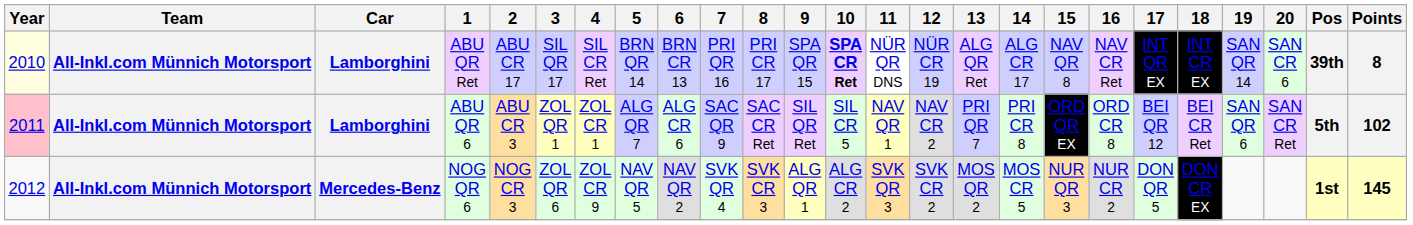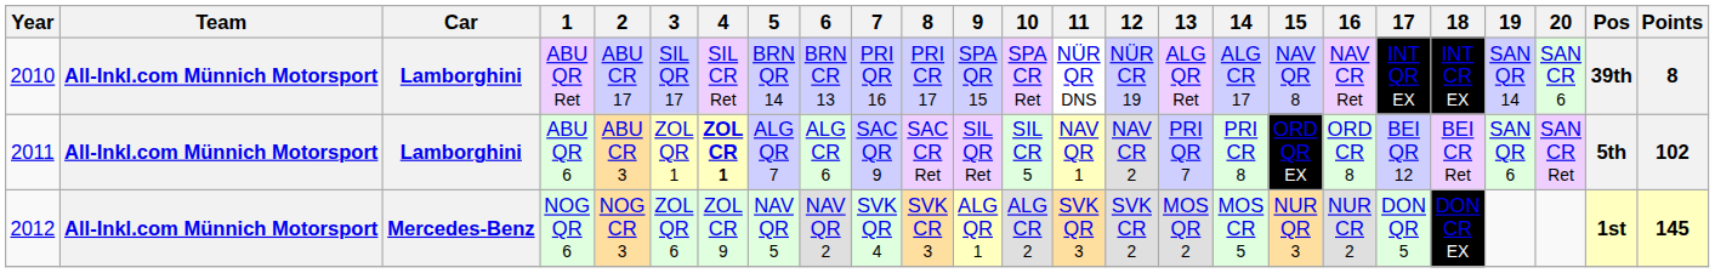 <table class="wikitable" border="1" style="text-align:center; font-size:90%;">
 <tr>
 <th>Year</th>
 <th>Team</th>
 <th>Car</th>
 <th>1</th>
 <th>2</th>
 <th>3</th>
 <th>4</th>
 <th>5</th>
 <th>6</th>
 <th>7</th>
 <th>8</th>
 <th>9</th>
 <th>10</th>
 <th>11</th>
 <th>12</th>
 <th>13</th>
 <th>14</th>
 <th>15</th>
 <th>16</th>
 <th>17</th>
 <th>18</th>
 <th>19</th>
 <th>20</th>
 <th>Pos</th>
 <th>Points</th>
 </tr>
 <tr>
-<td style="background: lightyellow;"><a href='#'>2010</a></td>
+<td><a href='#'>2010</a></td>
 <th><a href='#'>All-Inkl.com Münnich Motorsport</a></th>
 <th><a href='#'>Lamborghini</a></th>
 <td style="background:#EFCFFF;"><a href='#'>ABU<br>QR</a><br><small>Ret<br></small></td>
 <td style="background:#CFCFFF;"><a href='#'>ABU<br>CR</a><br><small>17<br></small></td>
 <td style="background:#CFCFFF;"><a href='#'>SIL<br>QR</a><br><small>17<br></small></td>
 <td style="background:#EFCFFF;"><a href='#'>SIL<br>CR</a><br><small>Ret<br></small></td>
 <td style="background:#CFCFFF;"><a href='#'>BRN<br>QR</a><br><small>14<br></small></td>
 <td style="background:#CFCFFF;"><a href='#'>BRN<br>CR</a><br><small>13<br></small></td>
 <td style="background:#CFCFFF;"><a href='#'>PRI<br>QR</a><br><small>16<br></small></td>
 <td style="background:#CFCFFF;"><a href='#'>PRI<br>CR</a><br><small>17<br></small></td>
 <td style="background:#CFCFFF;"><a href='#'>SPA<br>QR</a><br><small>15<br></small></td>
-<td style="background:#EFCFFF;"><strong><a href='#'>SPA<br>CR</a><br><small>Ret<br></small></strong></td>
+<td style="background:#EFCFFF;"><a href='#'>SPA<br>CR</a><br><small>Ret<br></small></td>
 <td style="background:#FFFFFF;"><a href='#'>NÜR<br>QR</a><br><small>DNS<br></small></td>
 <td style="background:#CFCFFF;"><a href='#'>NÜR<br>CR</a><br><small>19<br></small></td>
 <td style="background:#EFCFFF;"><a href='#'>ALG<br>QR</a><br><small>Ret<br></small></td>
 <td style="background:#CFCFFF;"><a href='#'>ALG<br>CR</a><br><small>17<br></small></td>
 <td style="background:#CFCFFF;"><a href='#'>NAV<br>QR</a><br><small>8<br></small></td>
 <td style="background:#EFCFFF;"><a href='#'>NAV<br>CR</a><br><small>Ret<br></small></td>
 <td style="background:#000000; color:white"><a href='#'><span>INT<br>QR</span></a><br><small>EX<br></small></td>
 <td style="background:#000000; color:white"><a href='#'><span>INT<br>CR</span></a><br><small>EX<br></small></td>
 <td style="background:#CFCFFF;"><a href='#'>SAN<br>QR</a><br><small>14<br></small></td>
 <td style="background:#DFFFDF;"><a href='#'>SAN<br>CR</a><br><small>6<br></small></td>
 <th>39th</th>
 <th>8</th>
 </tr>
 <tr>
-<td style="background: pink;"><a href='#'>2011</a></td>
+<td><a href='#'>2011</a></td>
 <th><a href='#'>All-Inkl.com Münnich Motorsport</a></th>
 <th><a href='#'>Lamborghini</a></th>
 <td style="background:#DFFFDF;"><a href='#'>ABU<br>QR</a><br><small>6<br></small></td>
 <td style="background:#FFDF9F;"><a href='#'>ABU<br>CR</a><br><small>3<br></small></td>
 <td style="background:#FFFFBF;"><a href='#'>ZOL<br>QR</a><br><small>1<br></small></td>
-<td style="background:#FFFFBF;"><a href='#'>ZOL<br>CR</a><br><small>1<br></small></td>
+<td style="background:#FFFFBF;"><strong><a href='#'>ZOL<br>CR</a><br><small>1<br></small></strong></td>
 <td style="background:#CFCFFF;"><a href='#'>ALG<br>QR</a><br><small>7<br></small></td>
 <td style="background:#DFFFDF;"><a href='#'>ALG<br>CR</a><br><small>6<br></small></td>
 <td style="background:#CFCFFF;"><a href='#'>SAC<br>QR</a><br><small>9<br></small></td>
 <td style="background:#EFCFFF;"><a href='#'>SAC<br>CR</a><br><small>Ret<br></small></td>
 <td style="background:#EFCFFF;"><a href='#'>SIL<br>QR</a><br><small>Ret<br></small></td>
 <td style="background:#DFFFDF;"><a href='#'>SIL<br>CR</a><br><small>5<br></small></td>
 <td style="background:#FFFFBF;"><a href='#'>NAV<br>QR</a><br><small>1<br></small></td>
 <td style="background:#DFDFDF;"><a href='#'>NAV<br>CR</a><br><small>2<br></small></td>
 <td style="background:#CFCFFF;"><a href='#'>PRI<br>QR</a><br><small>7<br></small></td>
 <td style="background:#DFFFDF;"><a href='#'>PRI<br>CR</a><br><small>8<br></small></td>
 <td style="background:#000000; color:white"><a href='#'><span>ORD<br>QR</span></a><br><small>EX<br></small></td>
 <td style="background:#DFFFDF;"><a href='#'>ORD<br>CR</a><br><small>8<br></small></td>
 <td style="background:#CFCFFF;"><a href='#'>BEI<br>QR</a><br><small>12<br></small></td>
 <td style="background:#EFCFFF;"><a href='#'>BEI<br>CR</a><br><small>Ret<br></small></td>
 <td style="background:#DFFFDF;"><a href='#'>SAN<br>QR</a><br><small>6<br></small></td>
 <td style="background:#EFCFFF;"><a href='#'>SAN<br>CR</a><br><small>Ret<br></small></td>
 <th>5th</th>
 <th>102</th>
 </tr>
 <tr>
 <td><a href='#'>2012</a></td>
 <th><a href='#'>All-Inkl.com Münnich Motorsport</a></th>
 <th><a href='#'>Mercedes-Benz</a></th>
 <td style="background:#DFFFDF;"><a href='#'>NOG<br>QR</a><br><small>6<br></small></td>
 <td style="background:#FFDF9F;"><a href='#'>NOG<br>CR</a><br><small>3<br></small></td>
 <td style="background:#DFFFDF;"><a href='#'>ZOL<br>QR</a><br><small>6<br></small></td>
 <td style="background:#DFFFDF;"><a href='#'>ZOL<br>CR</a><br><small>9<br></small></td>
 <td style="background:#DFFFDF;"><a href='#'>NAV<br>QR</a><br><small>5<br></small></td>
 <td style="background:#DFDFDF;"><a href='#'>NAV<br>QR</a><br><small>2<br></small></td>
 <td style="background:#DFFFDF;"><a href='#'>SVK<br>QR</a><br><small>4<br></small></td>
 <td style="background:#FFDF9F;"><a href='#'>SVK<br>CR</a><br><small>3<br></small></td>
 <td style="background:#FFFFBF;"><a href='#'>ALG<br>QR</a><br><small>1<br></small></td>
 <td style="background:#DFDFDF;"><a href='#'>ALG<br>CR</a><br><small>2<br></small></td>
 <td style="background:#FFDF9F;"><a href='#'>SVK<br>QR</a><br><small>3<br></small></td>
 <td style="background:#DFDFDF;"><a href='#'>SVK<br>CR</a><br><small>2<br></small></td>
 <td style="background:#DFDFDF;"><a href='#'>MOS<br>QR</a><br><small>2<br></small></td>
 <td style="background:#DFFFDF;"><a href='#'>MOS<br>CR</a><br><small>5<br></small></td>
 <td style="background:#FFDF9F;"><a href='#'>NUR<br>QR</a><br><small>3<br></small></td>
 <td style="background:#DFDFDF;"><a href='#'>NUR<br>CR</a><br><small>2<br></small></td>
 <td style="background:#DFFFDF;"><a href='#'>DON<br>QR</a><br><small>5<br></small></td>
 <td style="background:#000000; color:white"><a href='#'><span>DON<br>CR</span></a><br><small>EX<br></small></td>
 <td></td>
 <td></td>
 <td style="background:#FFFFBF;"><strong>1st</strong></td>
 <td style="background:#FFFFBF;"><strong>145</strong></td>
 </tr>
 <tr>
 </tr>
 </table>
